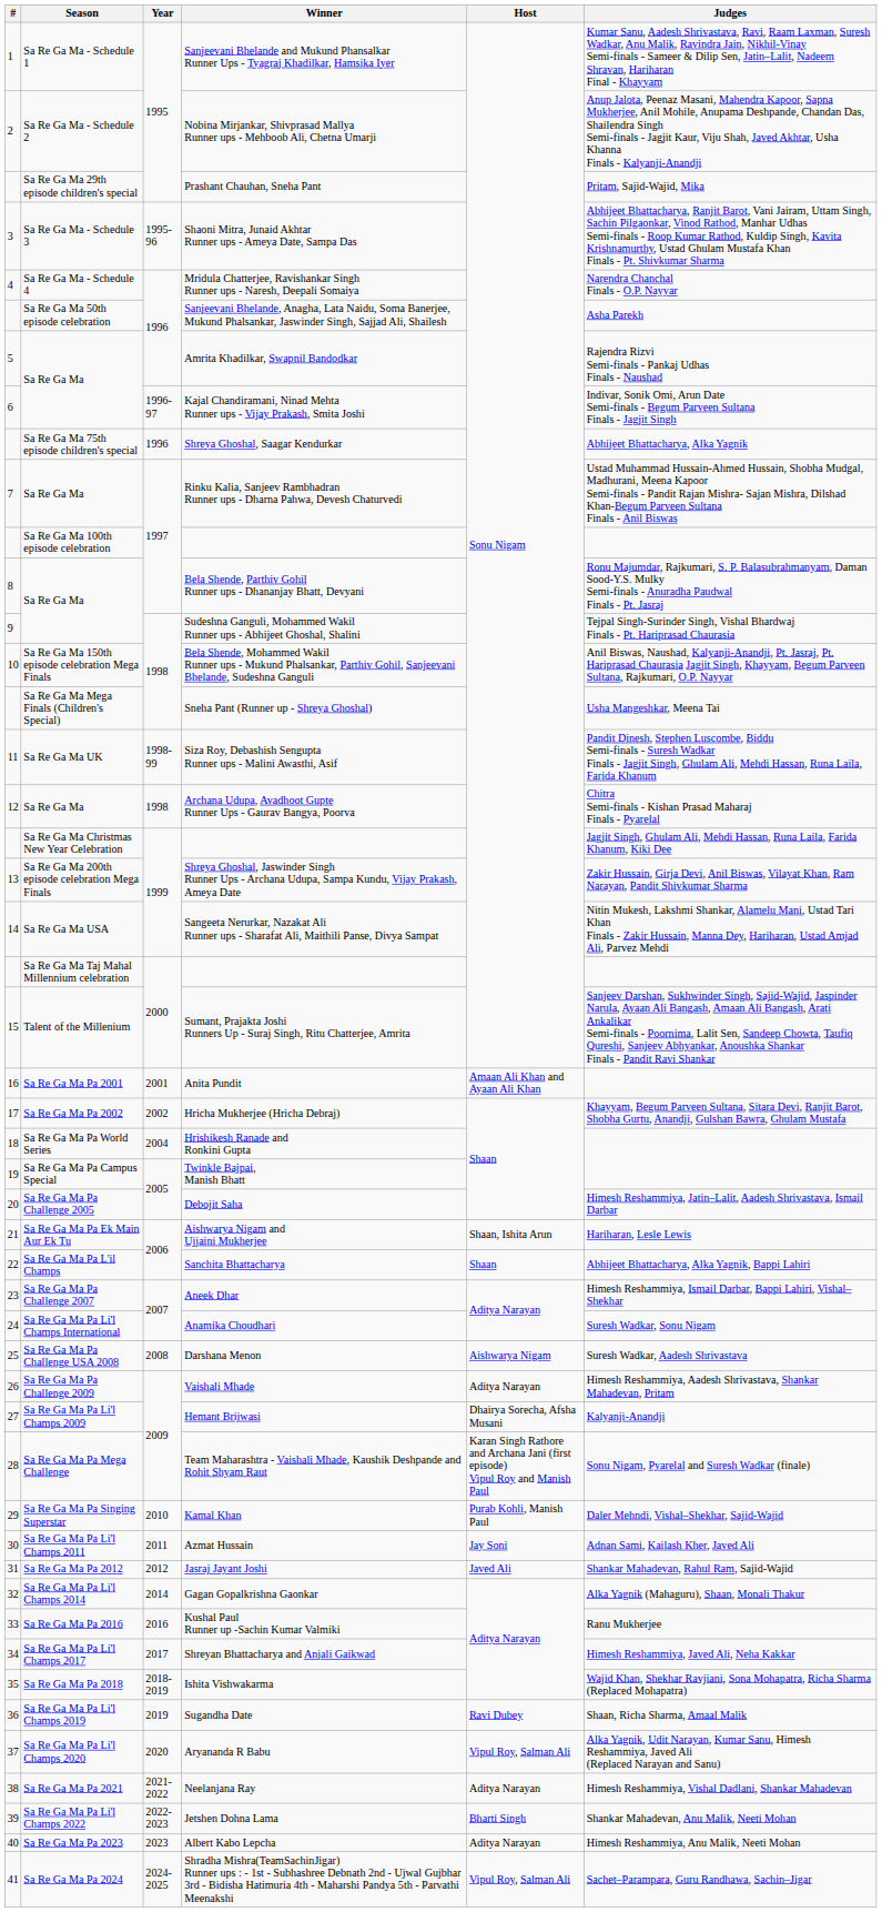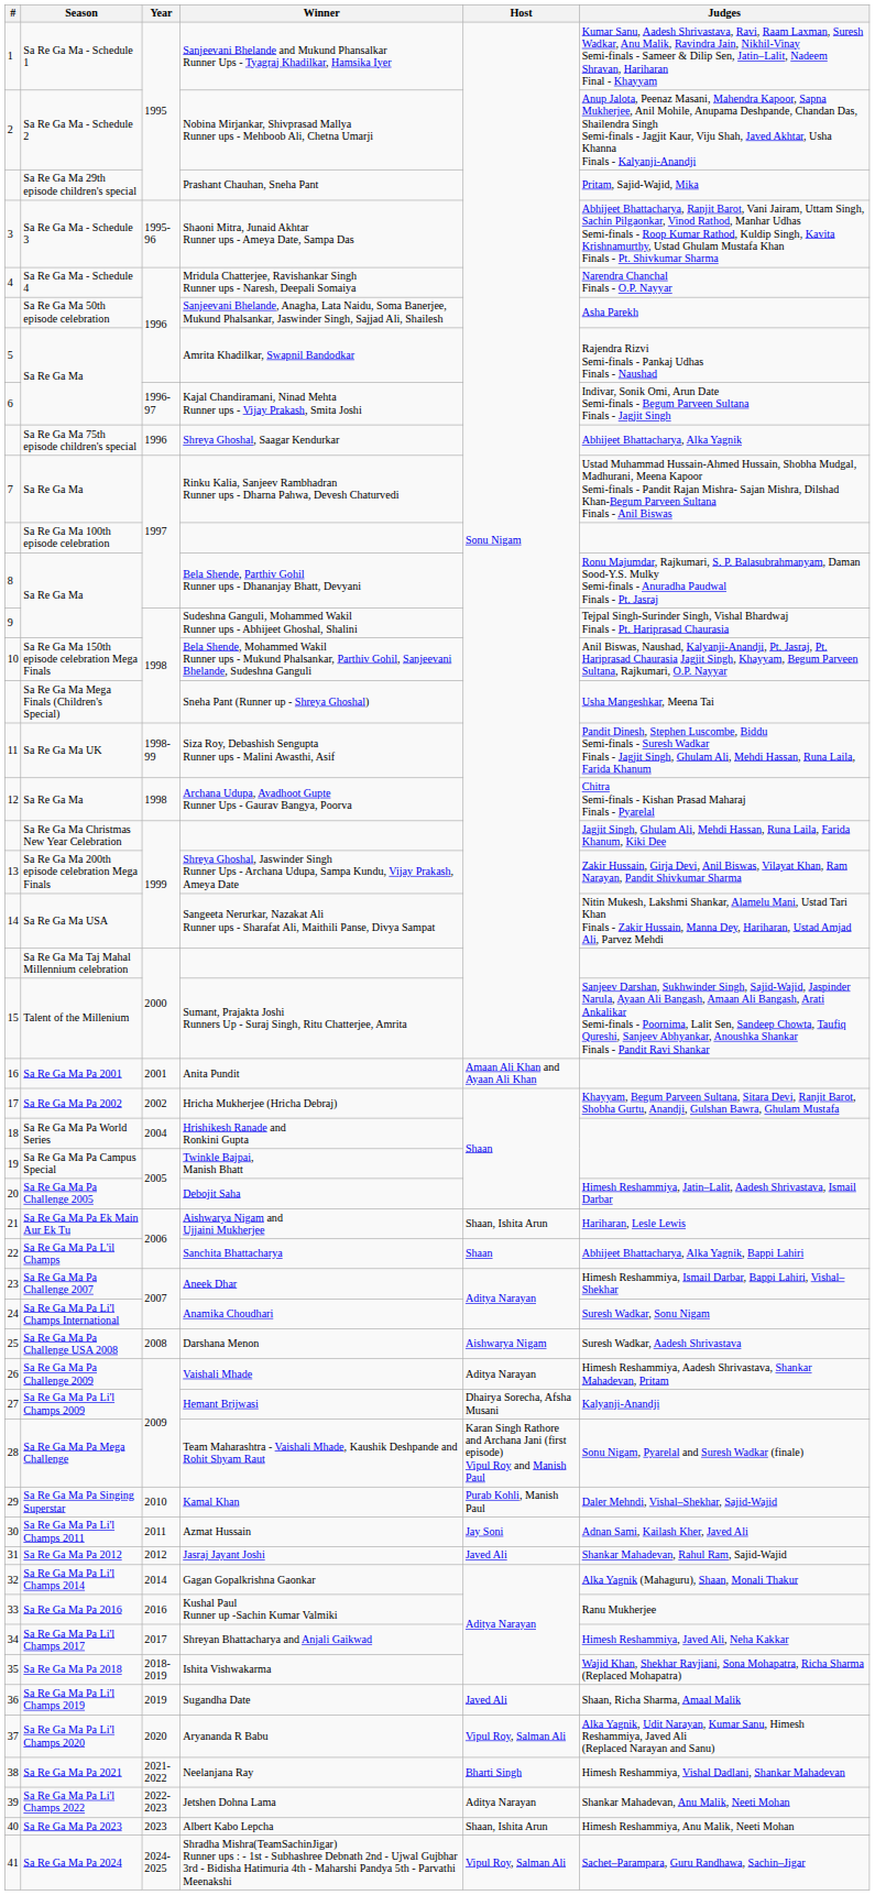 <table class="wikitable">
 <tr>
 <th>#</th>
 <th>Season</th>
 <th>Year</th>
 <th>Winner</th>
 <th>Host</th>
 <th>Judges</th>
 </tr>
 <tr>
 <td>1</td>
 <td>Sa Re Ga Ma - Schedule 1</td>
 <td rowspan="3">1995</td>
 <td><a href='#'>Sanjeevani Bhelande</a> and Mukund Phansalkar<br>Runner Ups - <a href='#'>Tyagraj Khadilkar</a>, <a href='#'>Hamsika Iyer</a></td>
 <td rowspan="22"><a href='#'>Sonu Nigam</a></td>
 <td><a href='#'>Kumar Sanu</a>, <a href='#'>Aadesh Shrivastava</a>, <a href='#'>Ravi</a>, <a href='#'>Raam Laxman</a>, <a href='#'>Suresh Wadkar</a>, <a href='#'>Anu Malik</a>, <a href='#'>Ravindra Jain</a>, <a href='#'>Nikhil-Vinay</a><br>Semi-finals - Sameer & Dilip Sen, <a href='#'>Jatin–Lalit</a>, <a href='#'>Nadeem Shravan</a>, <a href='#'>Hariharan</a><br>Final - <a href='#'>Khayyam</a></td>
 </tr>
 <tr>
 <td>2</td>
 <td>Sa Re Ga Ma - Schedule 2</td>
 <td>Nobina Mirjankar, Shivprasad Mallya<br>Runner ups - Mehboob Ali, Chetna Umarji</td>
 <td><a href='#'>Anup Jalota</a>, Peenaz Masani, <a href='#'>Mahendra Kapoor</a>, <a href='#'>Sapna Mukherjee</a>, Anil Mohile, Anupama Deshpande, Chandan Das, Shailendra Singh<br>Semi-finals - Jagjit Kaur, Viju Shah, <a href='#'>Javed Akhtar</a>, Usha Khanna<br>Finals - <a href='#'>Kalyanji-Anandji</a></td>
 </tr>
 <tr>
 <td></td>
 <td>Sa Re Ga Ma 29th episode children's special</td>
 <td>Prashant Chauhan, Sneha Pant</td>
 <td><a href='#'>Pritam</a>, Sajid-Wajid, <a href='#'>Mika</a></td>
 </tr>
 <tr>
 <td>3</td>
 <td>Sa Re Ga Ma - Schedule 3</td>
 <td>1995-96</td>
 <td>Shaoni Mitra, Junaid Akhtar<br>Runner ups - Ameya Date, Sampa Das</td>
 <td><a href='#'>Abhijeet Bhattacharya</a>, <a href='#'>Ranjit Barot</a>, Vani Jairam, Uttam Singh, <a href='#'>Sachin Pilgaonkar</a>, <a href='#'>Vinod Rathod</a>, Manhar Udhas<br>Semi-finals - <a href='#'>Roop Kumar Rathod</a>, Kuldip Singh, <a href='#'>Kavita Krishnamurthy</a>, Ustad Ghulam Mustafa Khan<br>Finals - <a href='#'>Pt. Shivkumar Sharma</a></td>
 </tr>
 <tr>
 <td>4</td>
 <td>Sa Re Ga Ma - Schedule 4</td>
 <td rowspan="3">1996</td>
 <td>Mridula Chatterjee, Ravishankar Singh<br>Runner ups - Naresh, Deepali Somaiya</td>
 <td><a href='#'>Narendra Chanchal</a><br>Finals - <a href='#'>O.P. Nayyar</a></td>
 </tr>
 <tr>
 <td></td>
 <td>Sa Re Ga Ma 50th episode celebration</td>
 <td><a href='#'>Sanjeevani Bhelande</a>, Anagha, Lata Naidu, Soma Banerjee, Mukund Phalsankar, Jaswinder Singh, Sajjad Ali, Shailesh</td>
 <td><a href='#'>Asha Parekh</a></td>
 </tr>
 <tr>
 <td>5</td>
 <td rowspan="2">Sa Re Ga Ma</td>
 <td>Amrita Khadilkar, <a href='#'>Swapnil Bandodkar</a></td>
 <td><br>Rajendra Rizvi<br>Semi-finals - Pankaj Udhas<br>Finals - <a href='#'>Naushad</a></td>
 </tr>
 <tr>
 <td>6</td>
 <td>1996-97</td>
 <td>Kajal Chandiramani, Ninad Mehta<br>Runner ups - <a href='#'>Vijay Prakash</a>, Smita Joshi</td>
 <td>Indivar, Sonik Omi, Arun Date<br>Semi-finals - <a href='#'>Begum Parveen Sultana</a><br>Finals - <a href='#'>Jagjit Singh</a></td>
 </tr>
 <tr>
 <td></td>
 <td>Sa Re Ga Ma 75th episode children's special</td>
 <td>1996</td>
 <td><a href='#'>Shreya Ghoshal</a>, Saagar Kendurkar</td>
 <td><a href='#'>Abhijeet Bhattacharya</a>, <a href='#'>Alka Yagnik</a></td>
 </tr>
 <tr>
 <td>7</td>
 <td>Sa Re Ga Ma</td>
 <td rowspan="3">1997</td>
 <td>Rinku Kalia, Sanjeev Rambhadran<br>Runner ups - Dharna Pahwa, Devesh Chaturvedi</td>
 <td>Ustad Muhammad Hussain-Ahmed Hussain, Shobha Mudgal, Madhurani, Meena Kapoor<br>Semi-finals - Pandit Rajan Mishra- Sajan Mishra, Dilshad Khan-<a href='#'>Begum Parveen Sultana</a><br>Finals - <a href='#'>Anil Biswas</a></td>
 </tr>
 <tr>
 <td></td>
 <td>Sa Re Ga Ma 100th episode celebration</td>
 <td></td>
 <td></td>
 </tr>
 <tr>
 <td>8</td>
 <td rowspan="2">Sa Re Ga Ma</td>
 <td><a href='#'>Bela Shende</a>, <a href='#'>Parthiv Gohil</a><br>Runner ups - Dhananjay Bhatt, Devyani</td>
 <td><a href='#'>Ronu Majumdar</a>, Rajkumari, <a href='#'>S. P. Balasubrahmanyam</a>, Daman Sood-Y.S. Mulky<br>Semi-finals - <a href='#'>Anuradha Paudwal</a><br>Finals - <a href='#'>Pt. Jasraj</a></td>
 </tr>
 <tr>
 <td>9</td>
 <td rowspan="3">1998</td>
 <td>Sudeshna Ganguli, Mohammed Wakil<br>Runner ups - Abhijeet Ghoshal, Shalini</td>
 <td>Tejpal Singh-Surinder Singh, Vishal Bhardwaj<br>Finals - <a href='#'>Pt. Hariprasad Chaurasia</a></td>
 </tr>
 <tr>
 <td>10</td>
 <td>Sa Re Ga Ma 150th episode celebration Mega Finals</td>
 <td><a href='#'>Bela Shende</a>, Mohammed Wakil<br>Runner ups - Mukund Phalsankar, <a href='#'>Parthiv Gohil</a>, <a href='#'>Sanjeevani Bhelande</a>, Sudeshna Ganguli</td>
 <td>Anil Biswas, Naushad, <a href='#'>Kalyanji-Anandji</a>, <a href='#'>Pt. Jasraj</a>, <a href='#'>Pt. Hariprasad Chaurasia</a> <a href='#'>Jagjit Singh</a>, <a href='#'>Khayyam</a>, <a href='#'>Begum Parveen Sultana</a>, Rajkumari, <a href='#'>O.P. Nayyar</a></td>
 </tr>
 <tr>
 <td></td>
 <td>Sa Re Ga Ma Mega Finals (Children's Special)</td>
 <td>Sneha Pant (Runner up - <a href='#'>Shreya Ghoshal</a>)</td>
 <td><a href='#'>Usha Mangeshkar</a>, Meena Tai</td>
 </tr>
 <tr>
 <td>11</td>
 <td>Sa Re Ga Ma UK</td>
 <td>1998-99</td>
 <td>Siza Roy, Debashish Sengupta<br>Runner ups - Malini Awasthi, Asif</td>
 <td><a href='#'>Pandit Dinesh</a>, <a href='#'>Stephen Luscombe</a>, <a href='#'>Biddu</a><br>Semi-finals - <a href='#'>Suresh Wadkar</a><br>Finals - <a href='#'>Jagjit Singh</a>, <a href='#'>Ghulam Ali</a>, <a href='#'>Mehdi Hassan</a>, <a href='#'>Runa Laila</a>, <a href='#'>Farida Khanum</a></td>
 </tr>
 <tr>
 <td>12</td>
 <td>Sa Re Ga Ma</td>
 <td>1998</td>
 <td><a href='#'>Archana Udupa</a>, <a href='#'>Avadhoot Gupte</a><br>Runner Ups - Gaurav Bangya, Poorva</td>
 <td><a href='#'>Chitra</a><br>Semi-finals - Kishan Prasad Maharaj<br>Finals - <a href='#'>Pyarelal</a></td>
 </tr>
 <tr>
 <td></td>
 <td>Sa Re Ga Ma Christmas New Year Celebration</td>
 <td rowspan="3">1999</td>
 <td></td>
 <td><a href='#'>Jagjit Singh</a>, <a href='#'>Ghulam Ali</a>, <a href='#'>Mehdi Hassan</a>, <a href='#'>Runa Laila</a>, <a href='#'>Farida Khanum</a>, <a href='#'>Kiki Dee</a></td>
 </tr>
 <tr>
 <td>13</td>
 <td>Sa Re Ga Ma 200th episode celebration Mega Finals</td>
 <td><a href='#'>Shreya Ghoshal</a>, Jaswinder Singh<br>Runner Ups - Archana Udupa, Sampa Kundu, <a href='#'>Vijay Prakash</a>, Ameya Date</td>
 <td><a href='#'>Zakir Hussain</a>, <a href='#'>Girja Devi</a>, <a href='#'>Anil Biswas</a>, <a href='#'>Vilayat Khan</a>, <a href='#'>Ram Narayan</a>, <a href='#'>Pandit Shivkumar Sharma</a></td>
 </tr>
 <tr>
 <td>14</td>
 <td>Sa Re Ga Ma USA</td>
 <td>Sangeeta Nerurkar, Nazakat Ali<br>Runner ups - Sharafat Ali, Maithili Panse, Divya Sampat</td>
 <td>Nitin Mukesh, Lakshmi Shankar, <a href='#'>Alamelu Mani</a>, Ustad Tari Khan<br>Finals - <a href='#'>Zakir Hussain</a>, <a href='#'>Manna Dey</a>, <a href='#'>Hariharan</a>, <a href='#'>Ustad Amjad Ali</a>, Parvez Mehdi</td>
 </tr>
 <tr>
 <td></td>
 <td>Sa Re Ga Ma Taj Mahal Millennium celebration</td>
 <td rowspan="2">2000</td>
 <td></td>
 <td></td>
 </tr>
 <tr>
 <td>15</td>
 <td>Talent of the Millenium</td>
 <td>Sumant, Prajakta Joshi<br>Runners Up - Suraj Singh, Ritu Chatterjee, Amrita</td>
 <td><a href='#'>Sanjeev Darshan</a>, <a href='#'>Sukhwinder Singh</a>, <a href='#'>Sajid-Wajid</a>, <a href='#'>Jaspinder Narula</a>, <a href='#'>Ayaan Ali Bangash</a>, <a href='#'>Amaan Ali Bangash</a>, <a href='#'>Arati Ankalikar</a><br>Semi-finals - <a href='#'>Poornima</a>, Lalit Sen, <a href='#'>Sandeep Chowta</a>, <a href='#'>Taufiq Qureshi</a>, <a href='#'>Sanjeev Abhyankar</a>, <a href='#'>Anoushka Shankar</a><br>Finals - <a href='#'>Pandit Ravi Shankar</a></td>
 </tr>
 <tr>
 <td>16</td>
 <td><a href='#'>Sa Re Ga Ma Pa 2001</a></td>
 <td>2001</td>
 <td>Anita Pundit</td>
 <td><a href='#'>Amaan Ali Khan</a> and <a href='#'>Ayaan Ali Khan</a></td>
 <td></td>
 </tr>
 <tr>
 <td>17</td>
 <td><a href='#'>Sa Re Ga Ma Pa 2002</a></td>
 <td>2002</td>
 <td>Hricha Mukherjee (Hricha Debraj)</td>
 <td rowspan="4"><a href='#'>Shaan</a></td>
 <td><a href='#'>Khayyam</a>, <a href='#'>Begum Parveen Sultana</a>, <a href='#'>Sitara Devi</a>, <a href='#'>Ranjit Barot</a>, <a href='#'>Shobha Gurtu</a>, <a href='#'>Anandji</a>, <a href='#'>Gulshan Bawra</a>, <a href='#'>Ghulam Mustafa</a></td>
 </tr>
 <tr>
 <td>18</td>
 <td>Sa Re Ga Ma Pa World Series</td>
 <td>2004</td>
 <td><a href='#'>Hrishikesh Ranade</a> and <br>Ronkini Gupta</td>
 <td rowspan="2"></td>
 </tr>
 <tr>
 <td>19</td>
 <td>Sa Re Ga Ma Pa Campus Special</td>
 <td rowspan="2">2005</td>
 <td><a href='#'>Twinkle Bajpai</a>, <br>Manish Bhatt</td>
 </tr>
 <tr>
 <td>20</td>
 <td><a href='#'>Sa Re Ga Ma Pa Challenge 2005</a></td>
 <td><a href='#'>Debojit Saha</a></td>
 <td><a href='#'>Himesh Reshammiya</a>, <a href='#'>Jatin–Lalit</a>, <a href='#'>Aadesh Shrivastava</a>, <a href='#'>Ismail Darbar</a></td>
 </tr>
 <tr>
 <td>21</td>
 <td><a href='#'>Sa Re Ga Ma Pa Ek Main Aur Ek Tu</a></td>
 <td rowspan="2">2006</td>
 <td><a href='#'>Aishwarya Nigam</a> and  <br><a href='#'>Ujjaini Mukherjee</a></td>
 <td>Shaan, Ishita Arun</td>
 <td><a href='#'>Hariharan</a>, <a href='#'>Lesle Lewis</a></td>
 </tr>
 <tr>
 <td>22</td>
 <td><a href='#'>Sa Re Ga Ma Pa L'il Champs</a></td>
 <td><a href='#'>Sanchita Bhattacharya</a></td>
 <td><a href='#'>Shaan</a></td>
 <td><a href='#'>Abhijeet Bhattacharya</a>, <a href='#'>Alka Yagnik</a>, <a href='#'>Bappi Lahiri</a></td>
 </tr>
 <tr>
 <td>23</td>
 <td><a href='#'>Sa Re Ga Ma Pa Challenge 2007</a></td>
 <td rowspan="2">2007</td>
 <td><a href='#'>Aneek Dhar</a></td>
 <td rowspan="2"><a href='#'>Aditya Narayan</a></td>
 <td>Himesh Reshammiya, <a href='#'>Ismail Darbar</a>, <a href='#'>Bappi Lahiri</a>, <a href='#'>Vishal–Shekhar</a></td>
 </tr>
 <tr>
 <td>24</td>
 <td><a href='#'>Sa Re Ga Ma Pa Li'l Champs International</a></td>
 <td><a href='#'>Anamika Choudhari</a></td>
 <td><a href='#'>Suresh Wadkar</a>, <a href='#'>Sonu Nigam</a></td>
 </tr>
 <tr>
 <td>25</td>
 <td><a href='#'>Sa Re Ga Ma Pa Challenge USA 2008</a></td>
 <td>2008</td>
 <td>Darshana Menon</td>
 <td><a href='#'>Aishwarya Nigam</a></td>
 <td>Suresh Wadkar, <a href='#'>Aadesh Shrivastava</a></td>
 </tr>
 <tr>
 <td>26</td>
 <td><a href='#'>Sa Re Ga Ma Pa Challenge 2009</a></td>
 <td rowspan="3">2009</td>
 <td><a href='#'>Vaishali Mhade</a></td>
 <td>Aditya Narayan</td>
 <td>Himesh Reshammiya, Aadesh Shrivastava, <a href='#'>Shankar Mahadevan</a>, <a href='#'>Pritam</a></td>
 </tr>
 <tr>
 <td>27</td>
 <td><a href='#'>Sa Re Ga Ma Pa Li'l Champs 2009</a></td>
 <td><a href='#'>Hemant Brijwasi</a></td>
 <td>Dhairya Sorecha, Afsha Musani</td>
 <td><a href='#'>Kalyanji-Anandji</a></td>
 </tr>
 <tr>
 <td>28</td>
 <td><a href='#'>Sa Re Ga Ma Pa Mega Challenge</a></td>
 <td>Team Maharashtra - <a href='#'>Vaishali Mhade</a>, Kaushik Deshpande and <a href='#'>Rohit Shyam Raut</a></td>
 <td>Karan Singh Rathore and Archana Jani (first episode)<br><a href='#'>Vipul Roy</a> and <a href='#'>Manish Paul</a></td>
 <td><a href='#'>Sonu Nigam</a>, <a href='#'>Pyarelal</a> and <a href='#'>Suresh Wadkar</a> (finale)</td>
 </tr>
 <tr>
 <td>29</td>
 <td><a href='#'>Sa Re Ga Ma Pa Singing Superstar</a></td>
 <td>2010</td>
 <td><a href='#'>Kamal Khan</a></td>
 <td><a href='#'>Purab Kohli</a>, Manish Paul</td>
 <td><a href='#'>Daler Mehndi</a>, <a href='#'>Vishal–Shekhar</a>, <a href='#'>Sajid-Wajid</a></td>
 </tr>
 <tr>
 <td>30</td>
 <td><a href='#'>Sa Re Ga Ma Pa Li'l Champs 2011</a></td>
 <td>2011</td>
 <td>Azmat Hussain</td>
 <td><a href='#'>Jay Soni</a></td>
 <td><a href='#'>Adnan Sami</a>, <a href='#'>Kailash Kher</a>, <a href='#'>Javed Ali</a></td>
 </tr>
 <tr>
 <td>31</td>
 <td><a href='#'>Sa Re Ga Ma Pa 2012</a></td>
 <td>2012</td>
 <td><a href='#'>Jasraj Jayant Joshi</a></td>
 <td><a href='#'>Javed Ali</a></td>
 <td><a href='#'>Shankar Mahadevan</a>, <a href='#'>Rahul Ram</a>, Sajid-Wajid</td>
 </tr>
 <tr>
 <td>32</td>
 <td><a href='#'>Sa Re Ga Ma Pa Li'l Champs 2014</a></td>
 <td>2014</td>
 <td>Gagan Gopalkrishna Gaonkar</td>
 <td rowspan="4"><a href='#'>Aditya Narayan</a></td>
 <td><a href='#'>Alka Yagnik</a> (Mahaguru), <a href='#'>Shaan</a>, <a href='#'>Monali Thakur</a></td>
 </tr>
 <tr>
 <td>33</td>
 <td><a href='#'>Sa Re Ga Ma Pa 2016</a></td>
 <td>2016</td>
 <td>Kushal Paul<br>Runner up -Sachin Kumar Valmiki</td>
 <td>Ranu Mukherjee</td>
 </tr>
 <tr>
 <td>34</td>
 <td><a href='#'>Sa Re Ga Ma Pa Li'l Champs 2017</a></td>
 <td>2017</td>
 <td>Shreyan Bhattacharya and  <a href='#'>Anjali Gaikwad</a></td>
 <td><a href='#'>Himesh Reshammiya</a>, <a href='#'>Javed Ali</a>, <a href='#'>Neha Kakkar</a></td>
 </tr>
 <tr>
 <td>35</td>
 <td><a href='#'>Sa Re Ga Ma Pa 2018</a></td>
 <td>2018-2019</td>
 <td>Ishita Vishwakarma</td>
 <td><a href='#'>Wajid Khan</a>, <a href='#'>Shekhar Ravjiani</a>, <a href='#'>Sona Mohapatra</a>, <a href='#'>Richa Sharma</a> (Replaced Mohapatra)</td>
 </tr>
 <tr>
 <td>36</td>
 <td><a href='#'>Sa Re Ga Ma Pa Li'l Champs 2019</a></td>
 <td>2019</td>
 <td>Sugandha Date</td>
-<td><a href='#'>Ravi Dubey</a></td>
+<td><a href='#'>Javed Ali</a></td>
 <td>Shaan, Richa Sharma, <a href='#'>Amaal Malik</a></td>
 </tr>
 <tr>
 <td>37</td>
 <td><a href='#'>Sa Re Ga Ma Pa Li'l Champs 2020</a></td>
 <td>2020</td>
 <td>Aryananda R Babu</td>
 <td><a href='#'>Vipul Roy</a>, <a href='#'>Salman Ali</a></td>
 <td><a href='#'>Alka Yagnik</a>, <a href='#'>Udit Narayan</a>, <a href='#'>Kumar Sanu</a>, Himesh Reshammiya, Javed Ali<br>(Replaced Narayan and Sanu)</td>
 </tr>
 <tr>
 <td>38</td>
 <td><a href='#'>Sa Re Ga Ma Pa 2021</a></td>
 <td>2021-2022</td>
 <td>Neelanjana Ray</td>
-<td>Aditya Narayan</td>
+<td><a href='#'>Bharti Singh</a></td>
 <td>Himesh Reshammiya, <a href='#'>Vishal Dadlani</a>, <a href='#'>Shankar Mahadevan</a></td>
 </tr>
 <tr>
 <td>39</td>
 <td><a href='#'>Sa Re Ga Ma Pa Li'l Champs 2022</a></td>
 <td>2022-2023</td>
 <td>Jetshen Dohna Lama</td>
-<td><a href='#'>Bharti Singh</a></td>
+<td>Aditya Narayan</td>
 <td>Shankar Mahadevan, <a href='#'>Anu Malik</a>, <a href='#'>Neeti Mohan</a></td>
 </tr>
 <tr>
 <td>40</td>
 <td><a href='#'>Sa Re Ga Ma Pa 2023</a></td>
 <td>2023</td>
 <td>Albert Kabo Lepcha</td>
-<td>Aditya Narayan</td>
+<td>Shaan, Ishita Arun</td>
 <td>Himesh Reshammiya, Anu Malik, Neeti Mohan</td>
 </tr>
 <tr>
 <td>41</td>
 <td><a href='#'>Sa Re Ga Ma Pa 2024</a></td>
 <td>2024-2025</td>
 <td>Shradha Mishra(TeamSachinJigar)<br>Runner ups : -  1st - Subhashree Debnath 2nd - Ujwal Gujbhar 3rd - Bidisha Hatimuria 4th - Maharshi Pandya 5th - Parvathi Meenakshi</td>
 <td><a href='#'>Vipul Roy</a>, <a href='#'>Salman Ali</a></td>
 <td><a href='#'>Sachet–Parampara</a>, <a href='#'>Guru Randhawa</a>, <a href='#'>Sachin–Jigar</a></td>
 </tr>
 </table>
